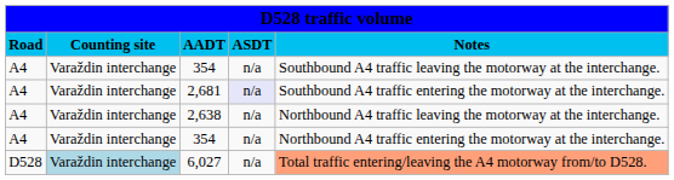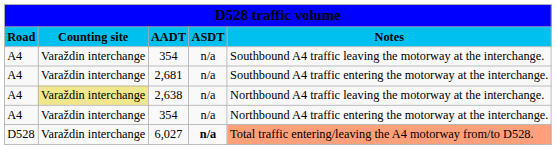 <table class="wikitable">
 <tr>
 <td colspan=5 bgcolor=blue align=center style=margin-top:15><span><big><strong>D528 traffic volume</strong></big></span></td>
 </tr>
 <tr>
 <td align=center bgcolor=00c0f0><strong>Road</strong></td>
 <td align=center bgcolor=00c0f0><strong>Counting site</strong></td>
 <td align=center bgcolor=00c0f0><strong>AADT</strong></td>
 <td align=center bgcolor=00c0f0><strong>ASDT</strong></td>
 <td align=center bgcolor=00c0f0><strong>Notes</strong></td>
 </tr>
 <tr>
 <td> A4</td>
 <td>Varaždin interchange</td>
 <td align=center>354</td>
 <td align=center>n/a</td>
 <td>Southbound A4 traffic leaving the motorway at the interchange.</td>
 </tr>
 <tr>
 <td> A4</td>
 <td>Varaždin interchange</td>
 <td align=center>2,681</td>
-<td align=center style="background: lavender;">n/a</td>
+<td align=center>n/a</td>
 <td>Southbound A4 traffic entering the motorway at the interchange.</td>
 </tr>
 <tr>
 <td> A4</td>
-<td>Varaždin interchange</td>
+<td style="background: khaki;">Varaždin interchange</td>
 <td align=center>2,638</td>
 <td align=center>n/a</td>
 <td>Northbound A4 traffic leaving the motorway at the interchange.</td>
 </tr>
 <tr>
 <td> A4</td>
 <td>Varaždin interchange</td>
 <td align=center>354</td>
 <td align=center>n/a</td>
 <td>Northbound A4 traffic entering the motorway at the interchange.</td>
 </tr>
 <tr>
 <td> D528</td>
-<td style="background: lightblue;">Varaždin interchange</td>
+<td>Varaždin interchange</td>
 <td align=center>6,027</td>
-<td align=center>n/a</td>
+<td align=center><strong>n/a</strong></td>
 <td style="background: lightsalmon;">Total traffic entering/leaving the A4 motorway from/to D528.</td>
 </tr>
 </table>
